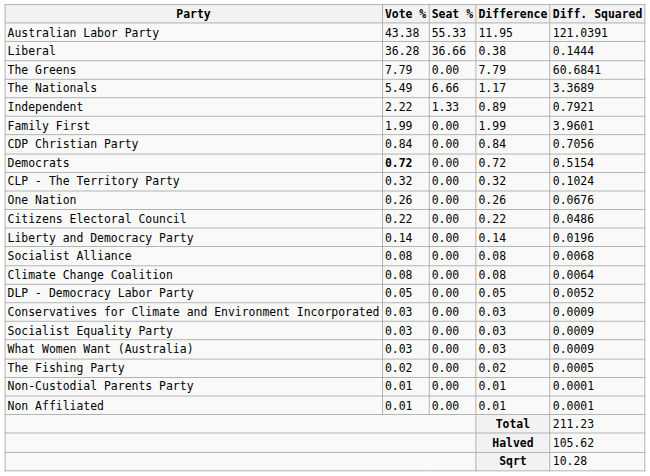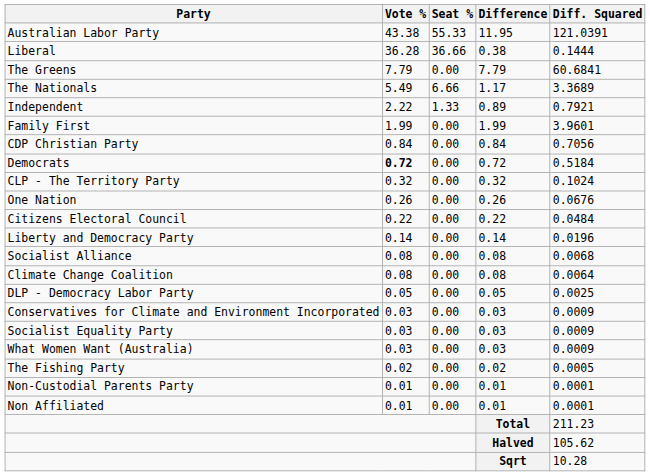 <table class="wikitable" style="caption-side: bottom; margin: 0 auto; margin-top: 1rem">
 <tr>
 <th>Party</th>
 <th>Vote %</th>
 <th>Seat %</th>
 <th>Difference</th>
 <th>Diff. Squared</th>
 </tr>
 <tr>
 <td>Australian Labor Party</td>
 <td>43.38</td>
 <td>55.33</td>
 <td>11.95</td>
 <td>121.0391</td>
 </tr>
 <tr>
 <td>Liberal</td>
 <td>36.28</td>
 <td>36.66</td>
 <td>0.38</td>
 <td>0.1444</td>
 </tr>
 <tr>
 <td>The Greens</td>
 <td>7.79</td>
 <td>0.00</td>
 <td>7.79</td>
 <td>60.6841</td>
 </tr>
 <tr>
 <td>The Nationals</td>
 <td>5.49</td>
 <td>6.66</td>
 <td>1.17</td>
 <td>3.3689</td>
 </tr>
 <tr>
 <td>Independent</td>
 <td>2.22</td>
 <td>1.33</td>
 <td>0.89</td>
 <td>0.7921</td>
 </tr>
 <tr>
 <td>Family First</td>
 <td>1.99</td>
 <td>0.00</td>
 <td>1.99</td>
 <td>3.9601</td>
 </tr>
 <tr>
 <td>CDP Christian Party</td>
 <td>0.84</td>
 <td>0.00</td>
 <td>0.84</td>
 <td>0.7056</td>
 </tr>
 <tr>
 <td>Democrats</td>
 <td><strong>0.72</strong></td>
 <td>0.00</td>
 <td>0.72</td>
-<td>0.5154</td>
+<td>0.5184</td>
 </tr>
 <tr>
 <td>CLP - The Territory Party</td>
 <td>0.32</td>
 <td>0.00</td>
 <td>0.32</td>
 <td>0.1024</td>
 </tr>
 <tr>
 <td>One Nation</td>
 <td>0.26</td>
 <td>0.00</td>
 <td>0.26</td>
 <td>0.0676</td>
 </tr>
 <tr>
 <td>Citizens Electoral Council</td>
 <td>0.22</td>
 <td>0.00</td>
 <td>0.22</td>
-<td>0.0486</td>
+<td>0.0484</td>
 </tr>
 <tr>
 <td>Liberty and Democracy Party</td>
 <td>0.14</td>
 <td>0.00</td>
 <td>0.14</td>
 <td>0.0196</td>
 </tr>
 <tr>
 <td>Socialist Alliance</td>
 <td>0.08</td>
 <td>0.00</td>
 <td>0.08</td>
 <td>0.0068</td>
 </tr>
 <tr>
 <td>Climate Change Coalition</td>
 <td>0.08</td>
 <td>0.00</td>
 <td>0.08</td>
 <td>0.0064</td>
 </tr>
 <tr>
 <td>DLP - Democracy Labor Party</td>
 <td>0.05</td>
 <td>0.00</td>
 <td>0.05</td>
-<td>0.0052</td>
+<td>0.0025</td>
 </tr>
 <tr>
 <td>Conservatives for Climate and Environment Incorporated</td>
 <td>0.03</td>
 <td>0.00</td>
 <td>0.03</td>
 <td>0.0009</td>
 </tr>
 <tr>
 <td>Socialist Equality Party</td>
 <td>0.03</td>
 <td>0.00</td>
 <td>0.03</td>
 <td>0.0009</td>
 </tr>
 <tr>
 <td>What Women Want (Australia)</td>
 <td>0.03</td>
 <td>0.00</td>
 <td>0.03</td>
 <td>0.0009</td>
 </tr>
 <tr>
 <td>The Fishing Party</td>
 <td>0.02</td>
 <td>0.00</td>
 <td>0.02</td>
 <td>0.0005</td>
 </tr>
 <tr>
 <td>Non-Custodial Parents Party</td>
 <td>0.01</td>
 <td>0.00</td>
 <td>0.01</td>
 <td>0.0001</td>
 </tr>
 <tr>
 <td>Non Affiliated</td>
 <td>0.01</td>
 <td>0.00</td>
 <td>0.01</td>
 <td>0.0001</td>
 </tr>
 <tr>
 <td colspan="3"></td>
 <th>Total</th>
 <td>211.23</td>
 </tr>
 <tr>
 <td colspan="3"></td>
 <th>Halved</th>
 <td>105.62</td>
 </tr>
 <tr>
 <td colspan="3"></td>
 <th>Sqrt</th>
 <td>10.28</td>
 </tr>
 </table>
